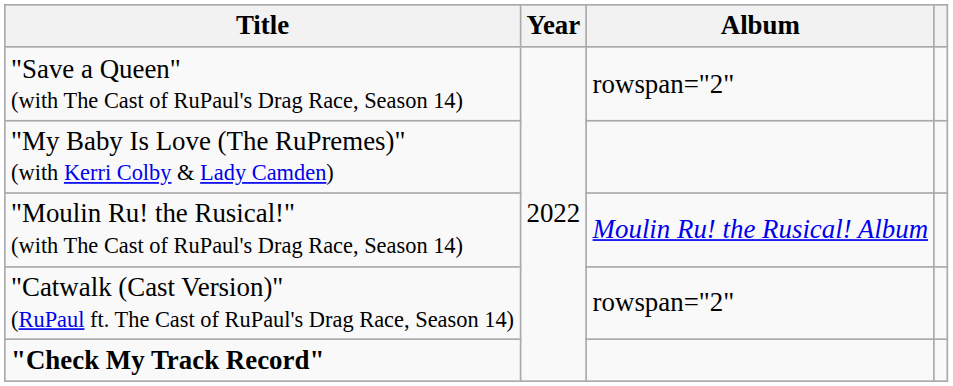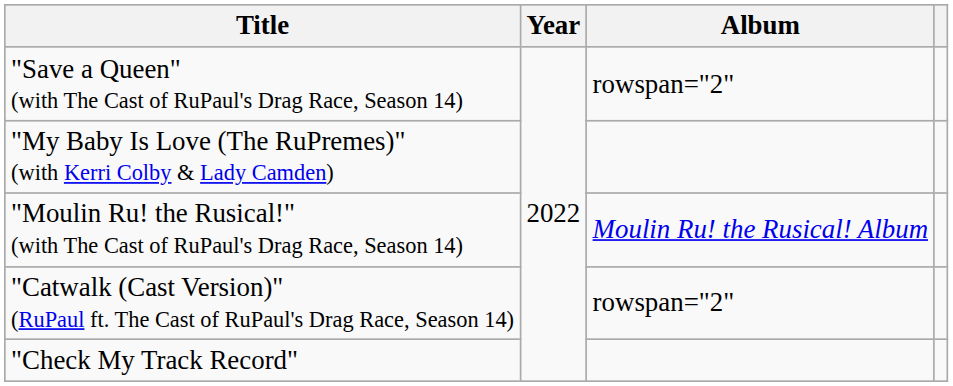 <table class="wikitable plainrowheaders sortable">
 <tr>
 <th>Title</th>
 <th>Year</th>
 <th>Album</th>
 <th style="text-align: center;" class="unsortable"></th>
 </tr>
 <tr>
 <td>"Save a Queen"<br><small>(with The Cast of RuPaul's Drag Race, Season 14)</small></td>
 <td rowspan="5">2022</td>
 <td>rowspan="2" </td>
 <td style="text-align: center;"><br></td>
 </tr>
 <tr>
 <td scope="row">"My Baby Is Love (The RuPremes)"<br><small>(with <a href='#'>Kerri Colby</a> & <a href='#'>Lady Camden</a>)</small></td>
 <td style="text-align: center;"></td>
 </tr>
 <tr>
 <td scope="row">"Moulin Ru! the Rusical!"<br><small>(with The Cast of RuPaul's Drag Race, Season 14)</small></td>
 <td><a href='#'><em>Moulin Ru! the Rusical! Album</em></a></td>
 <td style="text-align: center;"><br></td>
 </tr>
 <tr>
 <td>"Catwalk (Cast Version)"<br><small>(<a href='#'>RuPaul</a> ft. The Cast of RuPaul's Drag Race, Season 14)</small></td>
 <td>rowspan="2" </td>
 <td style="text-align: center;"><br></td>
 </tr>
 <tr>
-<td><strong>"Check My Track Record"<br></strong></td>
+<td>"Check My Track Record"<br></td>
 <td style="text-align: center;"><br></td>
 </tr>
 </table>
